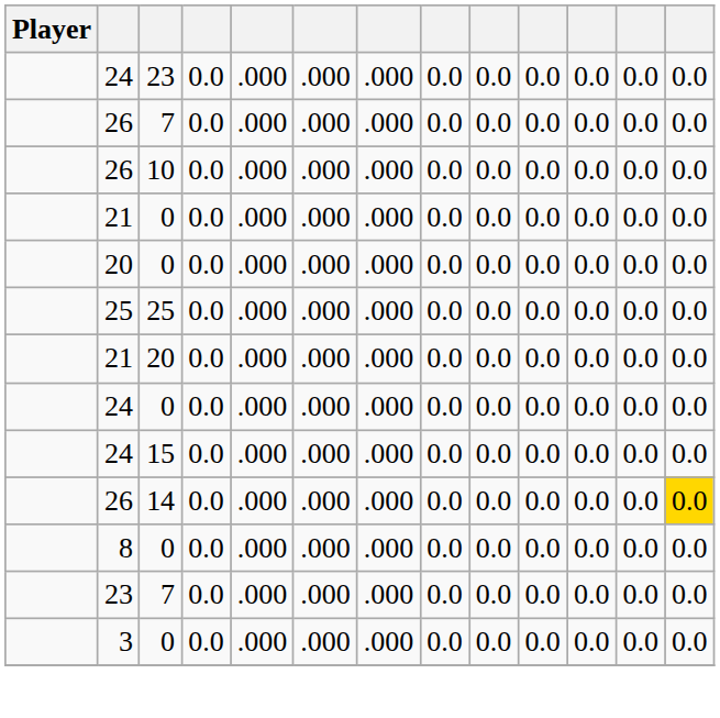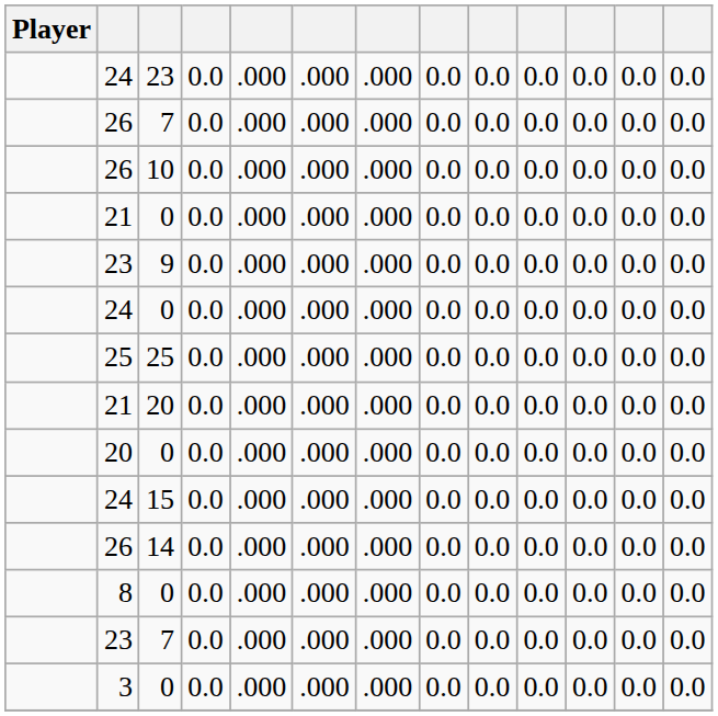 <table class="wikitable sortable" style="font-size:95%; text-align:right">
 <tr>
 <th>Player</th>
 <th></th>
 <th></th>
 <th></th>
 <th></th>
 <th></th>
 <th></th>
 <th></th>
 <th></th>
 <th></th>
 <th></th>
 <th></th>
 <th></th>
 </tr>
 <tr>
 <td><strong></strong></td>
 <td>24</td>
 <td>23</td>
 <td>0.0</td>
 <td>.000</td>
 <td>.000</td>
 <td>.000</td>
 <td>0.0</td>
 <td>0.0</td>
 <td>0.0</td>
 <td>0.0</td>
 <td>0.0</td>
 <td>0.0</td>
 </tr>
 <tr>
 <td><strong></strong></td>
 <td>26</td>
 <td>7</td>
 <td>0.0</td>
 <td>.000</td>
 <td>.000</td>
 <td>.000</td>
 <td>0.0</td>
 <td>0.0</td>
 <td>0.0</td>
 <td>0.0</td>
 <td>0.0</td>
 <td>0.0</td>
 </tr>
 <tr>
 <td><strong></strong></td>
 <td>26</td>
 <td>10</td>
 <td>0.0</td>
 <td>.000</td>
 <td>.000</td>
 <td>.000</td>
 <td>0.0</td>
 <td>0.0</td>
 <td>0.0</td>
 <td>0.0</td>
 <td>0.0</td>
 <td>0.0</td>
 </tr>
 <tr>
 <td><strong></strong></td>
 <td>21</td>
 <td>0</td>
 <td>0.0</td>
 <td>.000</td>
 <td>.000</td>
 <td>.000</td>
 <td>0.0</td>
 <td>0.0</td>
 <td>0.0</td>
 <td>0.0</td>
 <td>0.0</td>
 <td>0.0</td>
 </tr>
 <tr>
 <td><strong></strong></td>
-<td>20</td>
+<td>23</td>
+<td>9</td>
+<td>0.0</td>
+<td>.000</td>
+<td>.000</td>
+<td>.000</td>
+<td>0.0</td>
+<td>0.0</td>
+<td>0.0</td>
+<td>0.0</td>
+<td>0.0</td>
+<td>0.0</td>
+</tr>
+<tr>
+<td><strong></strong></td>
+<td>24</td>
 <td>0</td>
 <td>0.0</td>
 <td>.000</td>
 <td>.000</td>
 <td>.000</td>
 <td>0.0</td>
 <td>0.0</td>
 <td>0.0</td>
 <td>0.0</td>
 <td>0.0</td>
 <td>0.0</td>
 </tr>
 <tr>
 <td><strong></strong></td>
 <td>25</td>
 <td>25</td>
 <td>0.0</td>
 <td>.000</td>
 <td>.000</td>
 <td>.000</td>
 <td>0.0</td>
 <td>0.0</td>
 <td>0.0</td>
 <td>0.0</td>
 <td>0.0</td>
 <td>0.0</td>
 </tr>
 <tr>
 <td><strong></strong></td>
 <td>21</td>
 <td>20</td>
 <td>0.0</td>
 <td>.000</td>
 <td>.000</td>
 <td>.000</td>
 <td>0.0</td>
 <td>0.0</td>
 <td>0.0</td>
 <td>0.0</td>
 <td>0.0</td>
 <td>0.0</td>
 </tr>
 <tr>
 <td><strong></strong></td>
-<td>24</td>
+<td>20</td>
 <td>0</td>
 <td>0.0</td>
 <td>.000</td>
 <td>.000</td>
 <td>.000</td>
 <td>0.0</td>
 <td>0.0</td>
 <td>0.0</td>
 <td>0.0</td>
 <td>0.0</td>
 <td>0.0</td>
 </tr>
 <tr>
 <td><strong></strong></td>
 <td>24</td>
 <td>15</td>
 <td>0.0</td>
 <td>.000</td>
 <td>.000</td>
 <td>.000</td>
 <td>0.0</td>
 <td>0.0</td>
 <td>0.0</td>
 <td>0.0</td>
 <td>0.0</td>
 <td>0.0</td>
 </tr>
 <tr>
 <td><strong></strong></td>
 <td>26</td>
 <td>14</td>
 <td>0.0</td>
 <td>.000</td>
 <td>.000</td>
 <td>.000</td>
 <td>0.0</td>
 <td>0.0</td>
 <td>0.0</td>
 <td>0.0</td>
 <td>0.0</td>
-<td style="background: gold;">0.0</td>
+<td>0.0</td>
 </tr>
 <tr>
 <td><strong></strong></td>
 <td>8</td>
 <td>0</td>
 <td>0.0</td>
 <td>.000</td>
 <td>.000</td>
 <td>.000</td>
 <td>0.0</td>
 <td>0.0</td>
 <td>0.0</td>
 <td>0.0</td>
 <td>0.0</td>
 <td>0.0</td>
 </tr>
 <tr>
 <td><strong></strong></td>
 <td>23</td>
 <td>7</td>
 <td>0.0</td>
 <td>.000</td>
 <td>.000</td>
 <td>.000</td>
 <td>0.0</td>
 <td>0.0</td>
 <td>0.0</td>
 <td>0.0</td>
 <td>0.0</td>
 <td>0.0</td>
 </tr>
 <tr>
 <td><strong></strong></td>
 <td>3</td>
 <td>0</td>
 <td>0.0</td>
 <td>.000</td>
 <td>.000</td>
 <td>.000</td>
 <td>0.0</td>
 <td>0.0</td>
 <td>0.0</td>
 <td>0.0</td>
 <td>0.0</td>
 <td>0.0</td>
 </tr>
 <tr>
 </tr>
 </table>
